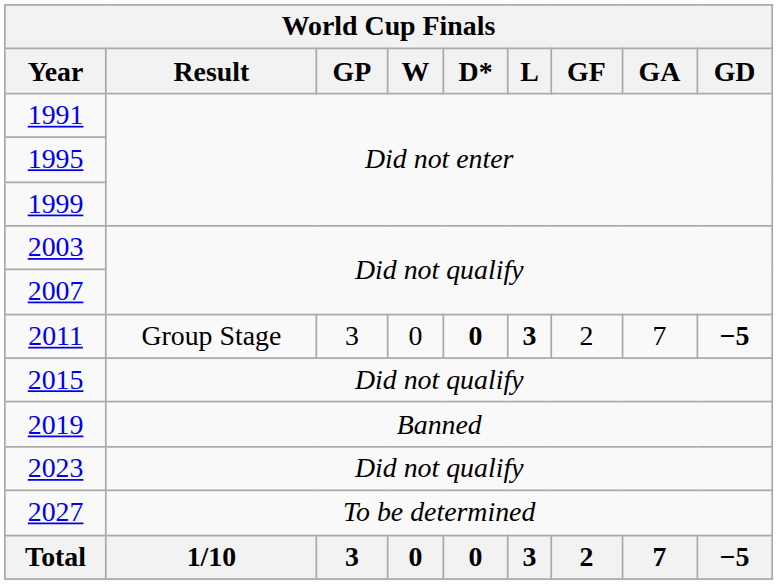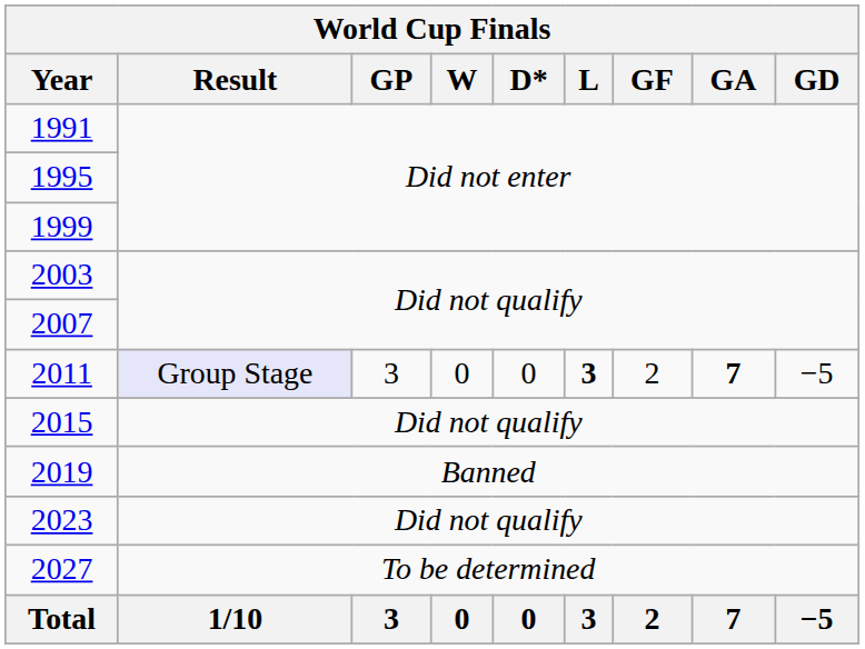 <table class="wikitable" style="text-align: center; width:50%;">
 <tr>
 <th colspan=10>World Cup Finals</th>
 </tr>
 <tr>
 <th>Year</th>
 <th>Result</th>
 <th>GP</th>
 <th>W</th>
 <th>D*</th>
 <th>L</th>
 <th>GF</th>
 <th>GA</th>
 <th>GD</th>
 </tr>
 <tr>
 <td> <a href='#'>1991</a></td>
 <td rowspan=3 colspan=8><em>Did not enter</em></td>
 </tr>
 <tr>
 <td> <a href='#'>1995</a></td>
 </tr>
 <tr>
 <td> <a href='#'>1999</a></td>
 </tr>
 <tr>
 <td> <a href='#'>2003</a></td>
 <td rowspan=2 colspan=8><em>Did not qualify</em></td>
 </tr>
 <tr>
 <td> <a href='#'>2007</a></td>
 </tr>
 <tr>
 <td> <a href='#'>2011</a></td>
-<td>Group Stage</td>
+<td style="background: lavender;">Group Stage</td>
 <td>3</td>
 <td>0</td>
-<td><strong>0</strong></td>
+<td>0</td>
 <td><strong>3</strong></td>
 <td>2</td>
-<td>7</td>
-<td><strong>−5</strong></td>
+<td><strong>7</strong></td>
+<td>−5</td>
 </tr>
 <tr>
 <td> <a href='#'>2015</a></td>
 <td colspan=8><em>Did not qualify</em></td>
 </tr>
 <tr>
 <td> <a href='#'>2019</a></td>
 <td colspan=8><em>Banned</em></td>
 </tr>
 <tr>
 <td>  <a href='#'>2023</a></td>
 <td colspan=8><em>Did not qualify</em></td>
 </tr>
 <tr>
 <td> <a href='#'>2027</a></td>
 <td colspan=8><em>To be determined</em></td>
 </tr>
 <tr>
 <th><strong>Total</strong></th>
 <th>1/10</th>
 <th>3</th>
 <th>0</th>
 <th>0</th>
 <th>3</th>
 <th>2</th>
 <th>7</th>
 <th>−5</th>
 </tr>
 </table>
